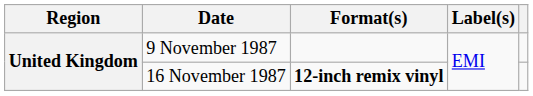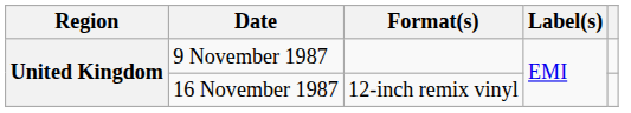 <table class="wikitable plainrowheaders">
 <tr>
 <th scope="col">Region</th>
 <th scope="col">Date</th>
 <th scope="col">Format(s)</th>
 <th scope="col">Label(s)</th>
 <th scope="col"></th>
 </tr>
 <tr>
 <th scope="row" rowspan="2">United Kingdom</th>
 <td>9 November 1987</td>
 <td></td>
 <td rowspan="2"><a href='#'>EMI</a></td>
 <td></td>
 </tr>
 <tr>
 <td>16 November 1987</td>
-<td><strong>12-inch remix vinyl</strong></td>
+<td>12-inch remix vinyl</td>
 <td></td>
 </tr>
 </table>
